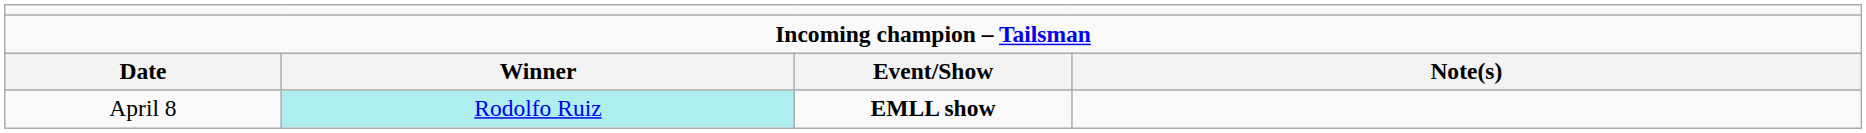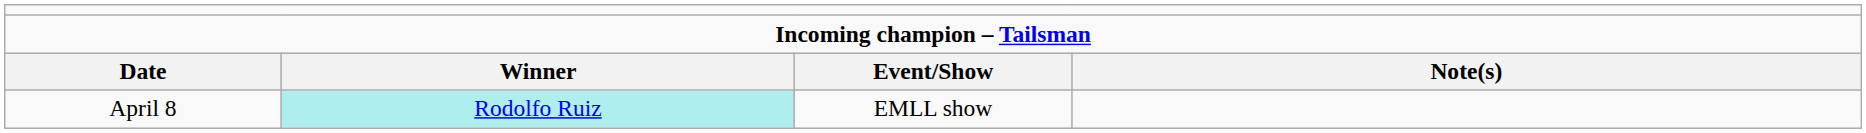 <table class="wikitable" style="text-align:center; width:100%;">
 <tr>
 <td colspan=5></td>
 </tr>
 <tr>
 <td colspan=5><strong>Incoming champion – <a href='#'>Tailsman</a></strong></td>
 </tr>
 <tr>
 <th width=14%>Date</th>
 <th width=26%>Winner</th>
 <th width=14%>Event/Show</th>
 <th width=40%>Note(s)</th>
 </tr>
 <tr>
 <td>April 8</td>
 <td style="background: paleturquoise;"><a href='#'>Rodolfo Ruiz</a></td>
-<td><strong>EMLL show</strong></td>
+<td>EMLL show</td>
 <td></td>
 </tr>
 </table>
